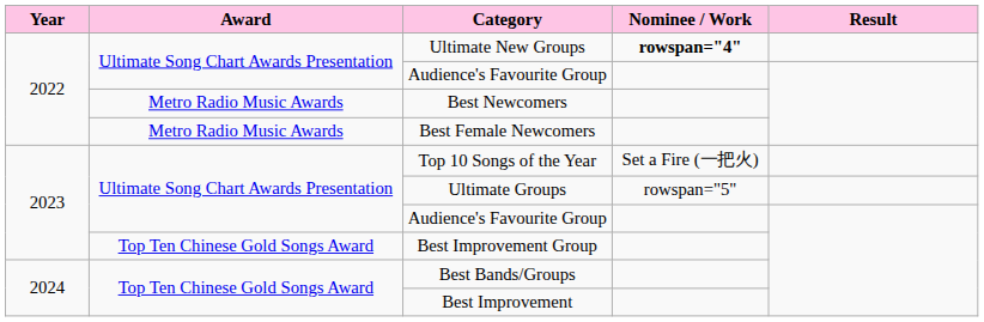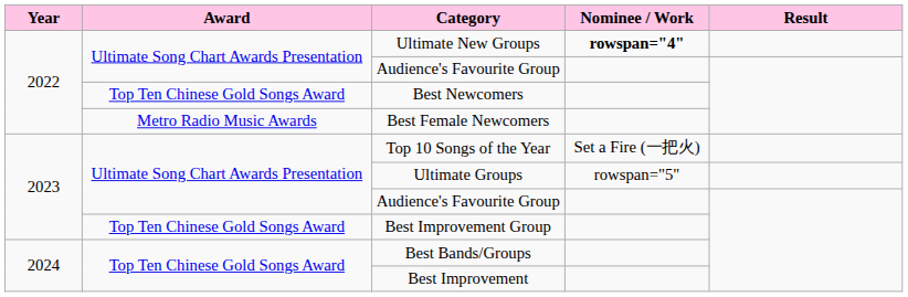 <table class="wikitable" width="100%">
 <tr style="background:#fec5e5;text-align:center;color:black;font-weight:bold">
 <td style="width:8%"><strong>Year</strong></td>
 <td width="30%"><strong>Award</strong></td>
 <td width="20%"><strong>Category</strong></td>
 <td width="15%"><strong>Nominee / Work</strong></td>
 <td width="20%"><strong>Result</strong></td>
 </tr>
 <tr style="text-align:center;">
 <td rowspan="4">2022</td>
 <td rowspan="2"><a href='#'>Ultimate Song Chart Awards Presentation</a></td>
 <td>Ultimate New Groups</td>
 <td><strong>rowspan="4"</strong></td>
 <td></td>
 </tr>
 <tr style="text-align:center;">
 <td>Audience's Favourite Group</td>
 <td></td>
 </tr>
 <tr style="text-align:center;">
-<td><a href='#'>Metro Radio Music Awards</a></td>
+<td><a href='#'>Top Ten Chinese Gold Songs Award</a></td>
 <td>Best Newcomers</td>
 <td></td>
 </tr>
 <tr style="text-align:center;">
 <td><a href='#'>Metro Radio Music Awards</a></td>
 <td>Best Female Newcomers</td>
 <td></td>
 </tr>
 <tr style="text-align:center;">
 <td rowspan="4">2023</td>
 <td rowspan="3"><a href='#'>Ultimate Song Chart Awards Presentation</a></td>
 <td>Top 10 Songs of the Year</td>
 <td>Set a Fire (一把火)</td>
 <td></td>
 </tr>
 <tr style="text-align:center;">
 <td>Ultimate Groups</td>
 <td>rowspan="5"</td>
 <td></td>
 </tr>
 <tr style="text-align:center;">
 <td>Audience's Favourite Group</td>
 <td></td>
 </tr>
 <tr style="text-align:center;">
 <td><a href='#'>Top Ten Chinese Gold Songs Award</a></td>
 <td>Best Improvement Group</td>
 <td></td>
 </tr>
 <tr style="text-align:center;">
 <td rowspan="2">2024</td>
 <td rowspan="2"><a href='#'>Top Ten Chinese Gold Songs Award</a></td>
 <td>Best Bands/Groups</td>
 <td></td>
 </tr>
 <tr style="text-align:center;">
 <td>Best Improvement</td>
 <td></td>
 </tr>
 </table>
